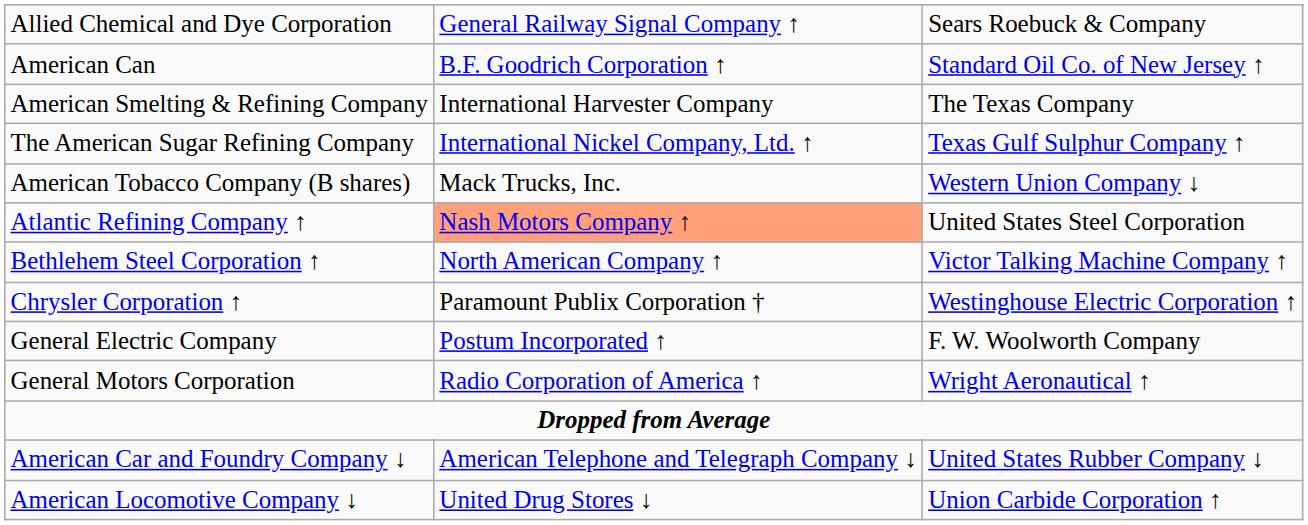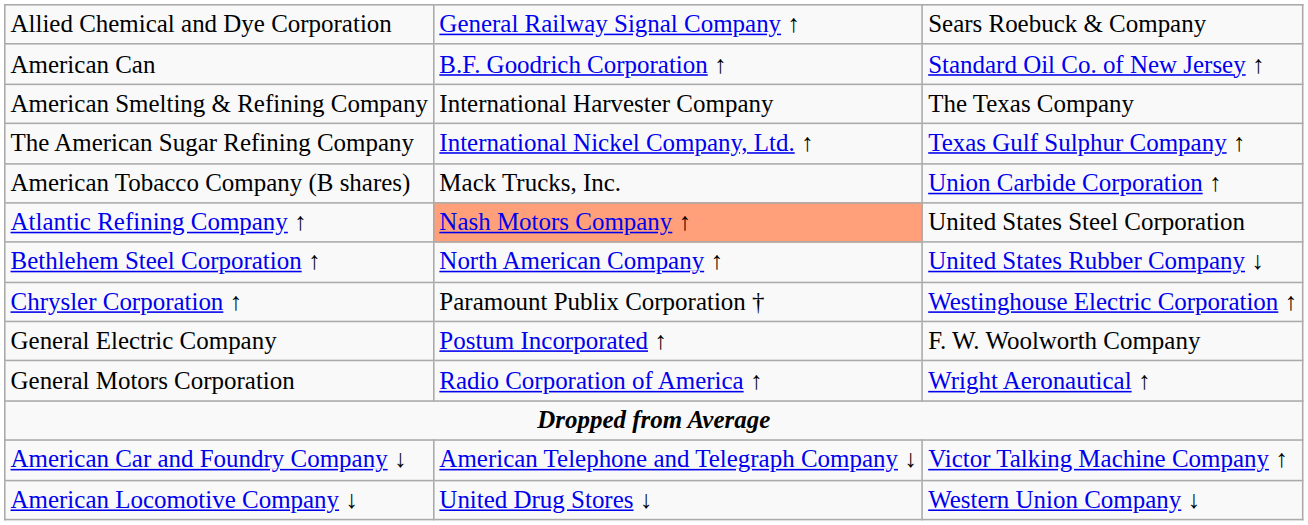 <table class="wikitable" border="1">
 <tr>
 <td>Allied Chemical and Dye Corporation</td>
 <td><a href='#'>General Railway Signal Company</a> ↑</td>
 <td>Sears Roebuck & Company</td>
 </tr>
 <tr>
 <td>American Can</td>
 <td><a href='#'>B.F. Goodrich Corporation</a> ↑</td>
 <td><a href='#'>Standard Oil Co. of New Jersey</a> ↑</td>
 </tr>
 <tr>
 <td>American Smelting & Refining Company</td>
 <td>International Harvester Company</td>
 <td>The Texas Company</td>
 </tr>
 <tr>
 <td>The American Sugar Refining Company</td>
 <td><a href='#'>International Nickel Company, Ltd.</a> ↑</td>
 <td><a href='#'>Texas Gulf Sulphur Company</a> ↑</td>
 </tr>
 <tr>
 <td>American Tobacco Company (B shares)</td>
 <td>Mack Trucks, Inc.</td>
-<td><a href='#'>Western Union Company</a> ↓</td>
+<td><a href='#'>Union Carbide Corporation</a> ↑</td>
 </tr>
 <tr>
 <td><a href='#'>Atlantic Refining Company</a> ↑</td>
 <td style="background: lightsalmon;"><a href='#'>Nash Motors Company</a> ↑</td>
 <td>United States Steel Corporation</td>
 </tr>
 <tr>
 <td><a href='#'>Bethlehem Steel Corporation</a> ↑</td>
 <td><a href='#'>North American Company</a> ↑</td>
-<td><a href='#'>Victor Talking Machine Company</a> ↑</td>
+<td><a href='#'>United States Rubber Company</a> ↓</td>
 </tr>
 <tr>
 <td><a href='#'>Chrysler Corporation</a> ↑</td>
 <td>Paramount Publix Corporation † <br></td>
 <td><a href='#'>Westinghouse Electric Corporation</a> ↑</td>
 </tr>
 <tr>
 <td>General Electric Company</td>
 <td><a href='#'>Postum Incorporated</a> ↑</td>
 <td>F. W. Woolworth Company</td>
 </tr>
 <tr>
 <td>General Motors Corporation</td>
 <td><a href='#'>Radio Corporation of America</a> ↑</td>
 <td><a href='#'>Wright Aeronautical</a> ↑</td>
 </tr>
 <tr>
 <td colspan="3" align="center"><strong><em>Dropped from Average</em></strong></td>
 </tr>
 <tr>
 <td><a href='#'>American Car and Foundry Company</a> ↓</td>
 <td><a href='#'>American Telephone and Telegraph Company</a> ↓</td>
-<td><a href='#'>United States Rubber Company</a> ↓</td>
+<td><a href='#'>Victor Talking Machine Company</a> ↑</td>
 </tr>
 <tr>
 <td><a href='#'>American Locomotive Company</a> ↓</td>
 <td><a href='#'>United Drug Stores</a> ↓</td>
-<td><a href='#'>Union Carbide Corporation</a> ↑</td>
+<td><a href='#'>Western Union Company</a> ↓</td>
 </tr>
 </table>
